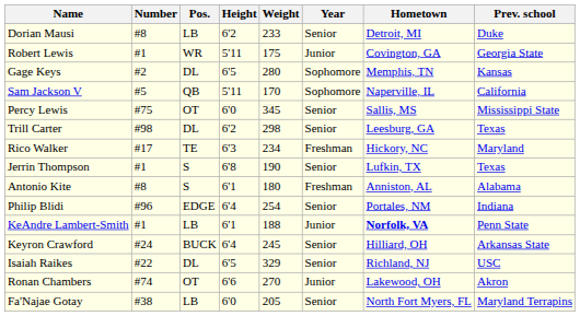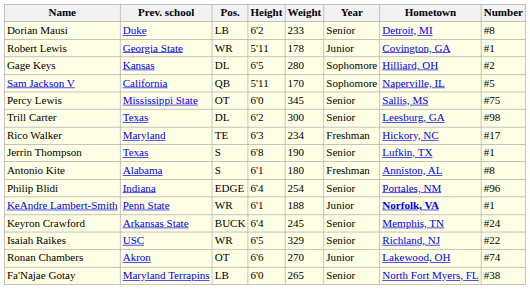 <table class="wikitable sortable">
 <tr>
 <th>Name</th>
-<th>Number</th>
+<th class="unsortable">Prev. school</th>
 <th>Pos.</th>
 <th>Height</th>
 <th>Weight</th>
 <th>Year</th>
 <th>Hometown</th>
-<th class="unsortable">Prev. school</th>
+<th>Number</th>
 </tr>
 <tr style="background:#FFFFE6;">
 <td>Dorian Mausi</td>
-<td>#8</td>
+<td><a href='#'>Duke</a></td>
 <td>LB</td>
 <td>6'2</td>
 <td>233</td>
 <td>Senior</td>
 <td><a href='#'>Detroit, MI</a></td>
-<td><a href='#'>Duke</a></td>
+<td>#8</td>
 </tr>
 <tr style="background:#FFFFE6;">
 <td>Robert Lewis</td>
-<td>#1</td>
+<td><a href='#'>Georgia State</a></td>
 <td>WR</td>
 <td>5'11</td>
-<td>175</td>
+<td>178</td>
 <td>Junior </td>
 <td><a href='#'>Covington, GA</a></td>
-<td><a href='#'>Georgia State</a></td>
+<td>#1</td>
 </tr>
 <tr style="background:#FFFFE6;">
 <td>Gage Keys</td>
-<td>#2</td>
+<td><a href='#'>Kansas</a></td>
 <td>DL</td>
 <td>6'5</td>
 <td>280</td>
 <td>Sophomore </td>
-<td><a href='#'>Memphis, TN</a></td>
-<td><a href='#'>Kansas</a></td>
+<td><a href='#'>Hilliard, OH</a></td>
+<td>#2</td>
 </tr>
 <tr style="background:#FFFFE6;">
 <td><a href='#'>Sam Jackson V</a></td>
-<td>#5</td>
+<td><a href='#'>California</a></td>
 <td>QB</td>
 <td>5'11</td>
 <td>170</td>
 <td>Sophomore </td>
 <td><a href='#'>Naperville, IL</a></td>
-<td><a href='#'>California</a></td>
+<td>#5</td>
 </tr>
 <tr style="background:#FFFFE6;">
 <td>Percy Lewis</td>
-<td>#75</td>
+<td><a href='#'>Mississippi State</a></td>
 <td>OT</td>
 <td>6'0</td>
 <td>345</td>
 <td>Senior</td>
 <td><a href='#'>Sallis, MS</a></td>
-<td><a href='#'>Mississippi State</a></td>
+<td>#75</td>
 </tr>
 <tr style="background:#FFFFE6;">
 <td>Trill Carter</td>
-<td>#98</td>
+<td><a href='#'>Texas</a></td>
 <td>DL</td>
 <td>6'2</td>
-<td>298</td>
+<td>300</td>
 <td>Senior</td>
 <td><a href='#'>Leesburg, GA</a></td>
-<td><a href='#'>Texas</a></td>
+<td>#98</td>
 </tr>
 <tr style="background:#FFFFE6;">
 <td>Rico Walker</td>
-<td>#17</td>
+<td><a href='#'>Maryland</a></td>
 <td>TE</td>
 <td>6'3</td>
 <td>234</td>
 <td>Freshman</td>
 <td><a href='#'>Hickory, NC</a></td>
-<td><a href='#'>Maryland</a></td>
+<td>#17</td>
 </tr>
 <tr style="background:#FFFFE6;">
 <td>Jerrin Thompson</td>
-<td>#1</td>
+<td><a href='#'>Texas</a></td>
 <td>S</td>
 <td>6'8</td>
 <td>190</td>
 <td>Senior</td>
 <td><a href='#'>Lufkin, TX</a></td>
-<td><a href='#'>Texas</a></td>
+<td>#1</td>
 </tr>
 <tr style="background:#FFFFE6;">
 <td>Antonio Kite</td>
-<td>#8</td>
+<td><a href='#'>Alabama</a></td>
 <td>S</td>
 <td>6'1</td>
 <td>180</td>
 <td>Freshman </td>
 <td><a href='#'>Anniston, AL</a></td>
-<td><a href='#'>Alabama</a></td>
+<td>#8</td>
 </tr>
 <tr style="background:#FFFFE6;">
 <td>Philip Blidi</td>
-<td>#96</td>
+<td><a href='#'>Indiana</a></td>
 <td>EDGE</td>
 <td>6'4</td>
 <td>254</td>
 <td>Senior</td>
 <td><a href='#'>Portales, NM</a></td>
-<td><a href='#'>Indiana</a></td>
+<td>#96</td>
 </tr>
 <tr style="background:#FFFFE6;">
 <td><a href='#'>KeAndre Lambert-Smith</a></td>
-<td>#1</td>
-<td>LB</td>
+<td><a href='#'>Penn State</a></td>
+<td>WR</td>
 <td>6'1</td>
 <td>188</td>
 <td>Junior </td>
 <td><strong><a href='#'>Norfolk, VA</a></strong></td>
-<td><a href='#'>Penn State</a></td>
+<td>#1</td>
 </tr>
 <tr style="background:#FFFFE6;">
 <td>Keyron Crawford</td>
-<td>#24</td>
+<td><a href='#'>Arkansas State</a></td>
 <td>BUCK</td>
 <td>6'4</td>
 <td>245</td>
 <td>Senior</td>
-<td><a href='#'>Hilliard, OH</a></td>
-<td><a href='#'>Arkansas State</a></td>
+<td><a href='#'>Memphis, TN</a></td>
+<td>#24</td>
 </tr>
 <tr style="background:#FFFFE6;">
 <td>Isaiah Raikes</td>
-<td>#22</td>
-<td>DL</td>
+<td><a href='#'>USC</a></td>
+<td>WR</td>
 <td>6'5</td>
 <td>329</td>
 <td>Senior</td>
 <td><a href='#'>Richland, NJ</a></td>
-<td><a href='#'>USC</a></td>
+<td>#22</td>
 </tr>
 <tr style="background:#FFFFE6;">
 <td>Ronan Chambers</td>
-<td>#74</td>
+<td><a href='#'>Akron</a></td>
 <td>OT</td>
 <td>6'6</td>
 <td>270</td>
 <td>Junior</td>
 <td><a href='#'>Lakewood, OH</a></td>
-<td><a href='#'>Akron</a></td>
+<td>#74</td>
 </tr>
 <tr style="background:#FFFFE6;">
 <td>Fa'Najae Gotay</td>
-<td>#38</td>
+<td><a href='#'>Maryland Terrapins</a></td>
 <td>LB</td>
 <td>6'0</td>
-<td>205</td>
+<td>265</td>
 <td>Senior </td>
 <td><a href='#'>North Fort Myers, FL</a></td>
-<td><a href='#'>Maryland Terrapins</a></td>
+<td>#38</td>
 </tr>
 </table>
